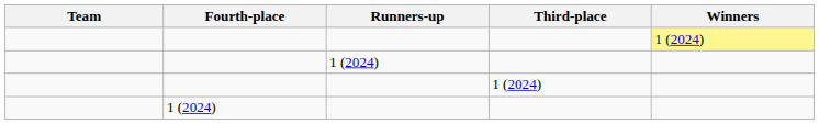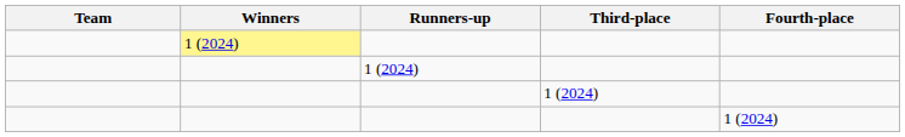 <table class="wikitable sortable" style="width: 900px;">
 <tr>
 <th style="width: 19.5%;">Team</th>
-<th style="width: 20%;">Fourth-place</th>
+<th style="width: 20%;">Winners</th>
 <th style="width: 20%;">Runners-up</th>
 <th style="width: 20%;">Third-place</th>
-<th style="width: 20%;">Winners</th>
+<th style="width: 20%;">Fourth-place</th>
 </tr>
 <tr>
 <td></td>
+<td style=background:#FFF68F>1 (<a href='#'>2024</a>)</td>
 <td></td>
 <td></td>
 <td></td>
-<td style=background:#FFF68F>1 (<a href='#'>2024</a>)</td>
 </tr>
 <tr>
 <td></td>
 <td></td>
 <td>1 (<a href='#'>2024</a>)</td>
 <td></td>
 <td></td>
 </tr>
 <tr>
 <td></td>
 <td></td>
 <td></td>
 <td>1 (<a href='#'>2024</a>)</td>
 <td></td>
 </tr>
 <tr>
 <td></td>
-<td>1 (<a href='#'>2024</a>)</td>
 <td></td>
 <td></td>
 <td></td>
+<td>1 (<a href='#'>2024</a>)</td>
 </tr>
 </table>
